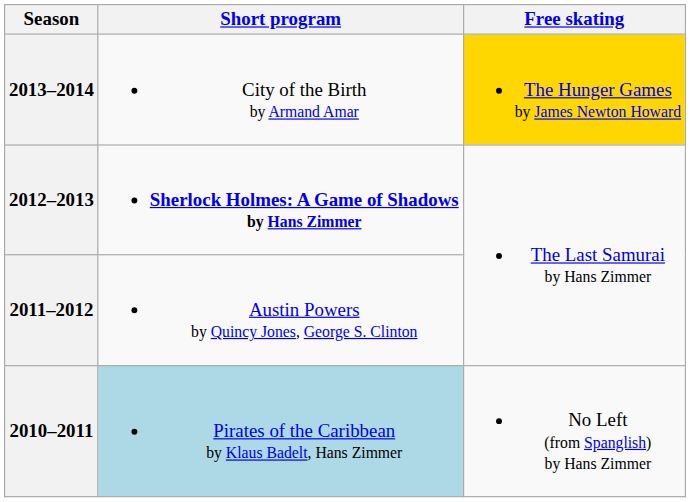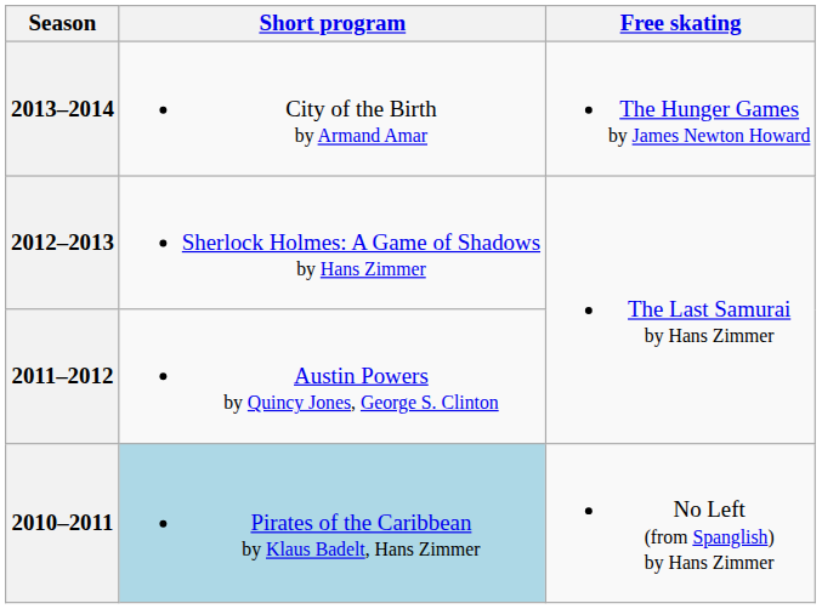 <table class="wikitable" style="text-align:center">
 <tr>
 <th>Season</th>
 <th><a href='#'>Short program</a></th>
 <th><a href='#'>Free skating</a></th>
 </tr>
 <tr>
 <th>2013–2014 <br> </th>
 <td><br><ul><li>City of the Birth <br><small> by <a href='#'>Armand Amar</a> </small></li></ul></td>
-<td style="background: gold;"><br><ul><li><a href='#'>The Hunger Games</a> <br><small> by <a href='#'>James Newton Howard</a> </small></li></ul></td>
+<td><br><ul><li><a href='#'>The Hunger Games</a> <br><small> by <a href='#'>James Newton Howard</a> </small></li></ul></td>
 </tr>
 <tr>
 <th>2012–2013 <br> </th>
-<td><strong><br><ul><li><a href='#'>Sherlock Holmes: A Game of Shadows</a> <br><small> by <a href='#'>Hans Zimmer</a> </small></li></ul></strong></td>
+<td><br><ul><li><a href='#'>Sherlock Holmes: A Game of Shadows</a> <br><small> by <a href='#'>Hans Zimmer</a> </small></li></ul></td>
 <td rowspan=2><br><ul><li><a href='#'>The Last Samurai</a> <br><small> by Hans Zimmer </small></li></ul></td>
 </tr>
 <tr>
 <th>2011–2012 <br> </th>
 <td><br><ul><li><a href='#'>Austin Powers</a> <br><small> by <a href='#'>Quincy Jones</a>, <a href='#'>George S. Clinton</a> </small></li></ul></td>
 </tr>
 <tr>
 <th>2010–2011 <br> </th>
 <td style="background: lightblue;"><br><ul><li><a href='#'>Pirates of the Caribbean</a> <br><small> by <a href='#'>Klaus Badelt</a>, Hans Zimmer </small></li></ul></td>
 <td><br><ul><li>No Left <br><small> (from <a href='#'>Spanglish</a>) <br> by Hans Zimmer </small></li></ul></td>
 </tr>
 </table>
